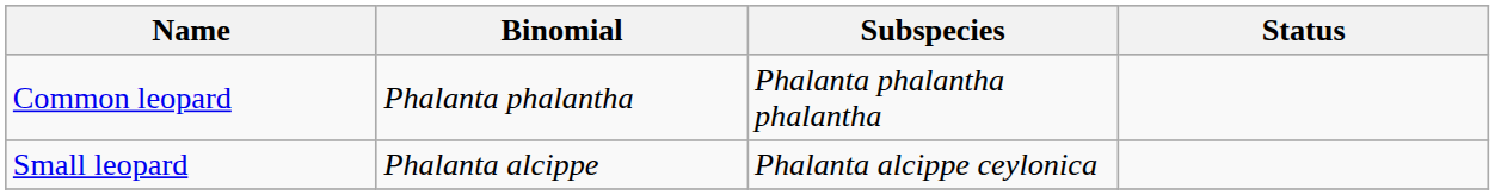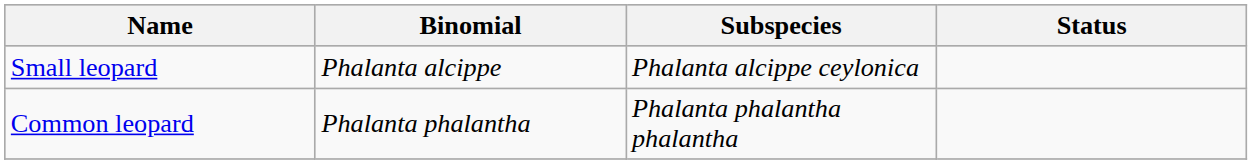 <table width=60% class="wikitable">
 <tr>
 <th width=20%>Name</th>
 <th width=20%>Binomial</th>
 <th width=20%>Subspecies</th>
 <th width=20%>Status</th>
 </tr>
 <tr>
+<td><a href='#'>Small leopard</a><br> </td>
+<td><em>Phalanta alcippe</em></td>
+<td><em>Phalanta alcippe ceylonica</em></td>
+<td></td>
+</tr>
+<tr>
 <td><a href='#'>Common leopard</a><br> </td>
 <td><em>Phalanta phalantha</em></td>
 <td><em>Phalanta phalantha phalantha</em></td>
 <td></td>
 </tr>
-<tr>
-<td><a href='#'>Small leopard</a><br> </td>
-<td><em>Phalanta alcippe</em></td>
-<td><em>Phalanta alcippe ceylonica</em></td>
-<td></td>
-</tr>
 </table>
